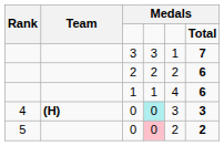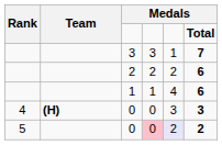 <table class="wikitable">
 <tr>
 <th rowspan=2>Rank</th>
 <th style="width:100px;" rowspan="2">Team</th>
 <th colspan=4>Medals</th>
 </tr>
 <tr>
 <td style="width:20px; text-align:center;"></td>
 <td style="width:20px; text-align:center;"></td>
 <td style="width:20px; text-align:center;"></td>
 <td><strong>Total</strong></td>
 </tr>
 <tr>
 <td align=center></td>
 <td></td>
 <td align=center>3</td>
 <td align=center>3</td>
 <td align=center>1</td>
 <td align=center><strong>7</strong></td>
 </tr>
 <tr>
 <td align=center></td>
 <td></td>
 <td align=center>2</td>
 <td align=center>2</td>
 <td align=center>2</td>
 <td align=center><strong>6</strong></td>
 </tr>
 <tr>
 <td align=center></td>
 <td></td>
 <td align=center>1</td>
 <td align=center>1</td>
 <td align=center>4</td>
 <td align=center><strong>6</strong></td>
 </tr>
 <tr>
 <td align=center>4</td>
 <td> <strong>(H)</strong></td>
 <td align=center>0</td>
-<td align=center style="background: paleturquoise;">0</td>
+<td align=center>0</td>
 <td align=center>3</td>
 <td align=center><strong>3</strong></td>
 </tr>
 <tr>
 <td align=center>5</td>
 <td></td>
 <td align=center>0</td>
 <td align=center style="background: pink;">0</td>
-<td align=center>2</td>
+<td align=center style="background: lavender;">2</td>
 <td align=center><strong>2</strong></td>
 </tr>
 </table>
